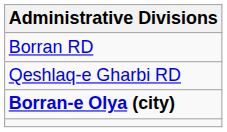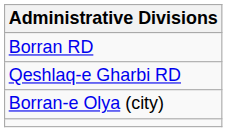 <table class="wikitable">
 <tr>
 <th>Administrative Divisions</th>
 </tr>
 <tr>
 <td><a href='#'>Borran RD</a></td>
 </tr>
 <tr>
 <td><a href='#'>Qeshlaq-e Gharbi RD</a></td>
 </tr>
 <tr>
-<td><strong><a href='#'>Borran-e Olya</a> (city)</strong></td>
+<td><a href='#'>Borran-e Olya</a> (city)</td>
 </tr>
 <tr>
 <td colspan=1></td>
 </tr>
 </table>
